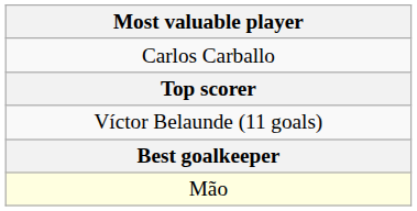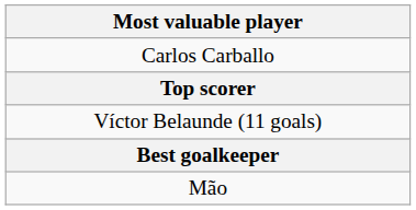 <table class="wikitable" style="margin: 1em auto 1em auto;">
 <tr>
 <th width=300>Most valuable player</th>
 </tr>
 <tr>
 <td style="text-align:center;"> Carlos Carballo</td>
 </tr>
 <tr>
 <th>Top scorer</th>
 </tr>
 <tr>
 <td style="text-align:center;"> Víctor Belaunde (11 goals)</td>
 </tr>
 <tr>
 <th>Best goalkeeper</th>
 </tr>
 <tr>
-<td style="background: lightyellow; text-align:center;"> Mão</td>
+<td style="text-align:center;"> Mão</td>
 </tr>
 </table>
